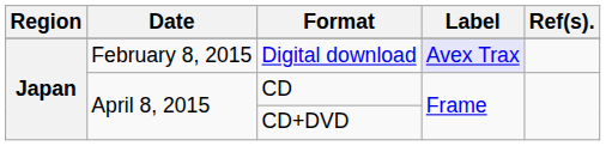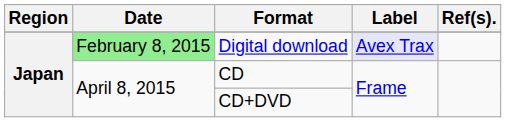 <table class="wikitable sortable plainrowheaders">
 <tr>
 <th scope="col">Region</th>
 <th scope="col">Date</th>
 <th scope="col">Format</th>
 <th scope="col">Label</th>
 <th scope="col">Ref(s).</th>
 </tr>
 <tr>
 </tr>
 <tr>
 <th scope="row" rowspan="3">Japan</th>
-<td>February 8, 2015</td>
+<td style="background: lightgreen;">February 8, 2015</td>
 <td><a href='#'>Digital download</a></td>
 <td style="background: lavender;"><a href='#'>Avex Trax</a></td>
 <td style="text-align:center;"></td>
 </tr>
 <tr>
 <td rowspan="2">April 8, 2015</td>
 <td>CD</td>
 <td rowspan="2"><a href='#'>Frame</a></td>
 <td rowspan="2" style="text-align:center;"></td>
 </tr>
 <tr>
 <td>CD+DVD</td>
 </tr>
 </table>
